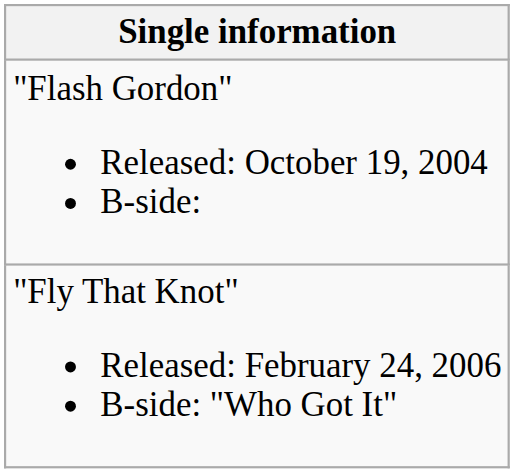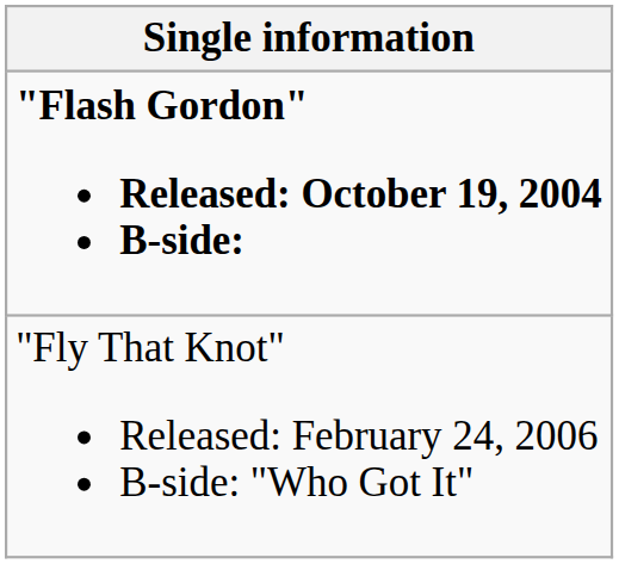 <table class="wikitable">
 <tr>
 <th>Single information</th>
 </tr>
 <tr>
-<td align="left">"Flash Gordon"<br><ul><li>Released: October 19, 2004</li><li>B-side:</li></ul></td>
+<td align="left"><strong>"Flash Gordon"<br><ul><li>Released: October 19, 2004</li><li>B-side:</li></ul></strong></td>
 </tr>
 <tr>
 <td align="left">"Fly That Knot" <br><ul><li>Released: February 24, 2006</li><li>B-side: "Who Got It"</li></ul></td>
 </tr>
 </table>
